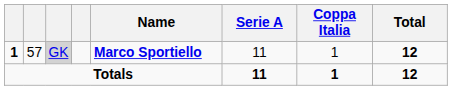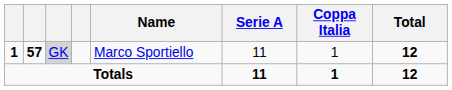 <table class="wikitable" style="text-align:center">
 <tr>
 <th width=15></th>
 <th width=15></th>
 <th width=15></th>
 <th width=15></th>
 <th width=145>Name</th>
 <th width=80><a href='#'>Serie A</a></th>
 <th width=80><a href='#'>Coppa Italia</a></th>
 <th width=80>Total</th>
 </tr>
 <tr>
 <td><strong>1</strong></td>
-<td>57</td>
+<td><strong>57</strong></td>
 <td style="background: lightgrey;"><a href='#'>GK</a></td>
 <td></td>
-<td align=left><strong><a href='#'>Marco Sportiello</a></strong></td>
+<td align=left><a href='#'>Marco Sportiello</a></td>
 <td>11</td>
 <td>1</td>
 <td><strong>12</strong></td>
 </tr>
 <tr>
 <td colspan=5><strong>Totals</strong></td>
 <td><strong>11</strong></td>
 <td><strong>1</strong></td>
 <td><strong>12</strong></td>
 </tr>
 </table>
